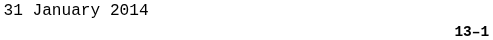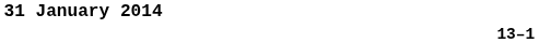 <table width=100% cellspacing=1>
 <tr>
 <th width=25%></th>
 <th width=10%></th>
 <th></th>
 </tr>
 <tr>
-<td>31 January 2014</td>
+<td><strong>31 January 2014</strong></td>
 </tr>
 <tr style=font-size:90%>
 <td align=right><strong></strong></td>
 <td align=center><strong>13–1</strong></td>
 <td><strong></strong></td>
 <td></td>
 </tr>
 </table>
